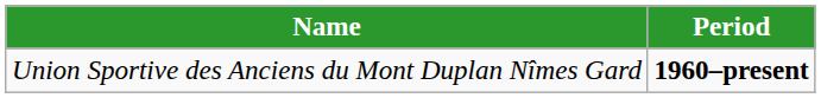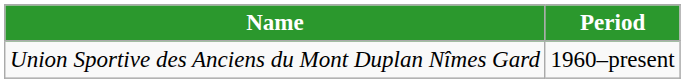 <table class="wikitable" style="text-align: left">
 <tr>
 <th style="color:white; background:#2b982d">Name</th>
 <th style="color:white; background:#2b982d">Period</th>
 </tr>
 <tr>
 <td align=left><em>Union Sportive des Anciens du Mont Duplan Nîmes Gard</em></td>
-<td><strong>1960–present</strong></td>
+<td>1960–present</td>
 </tr>
 </table>
